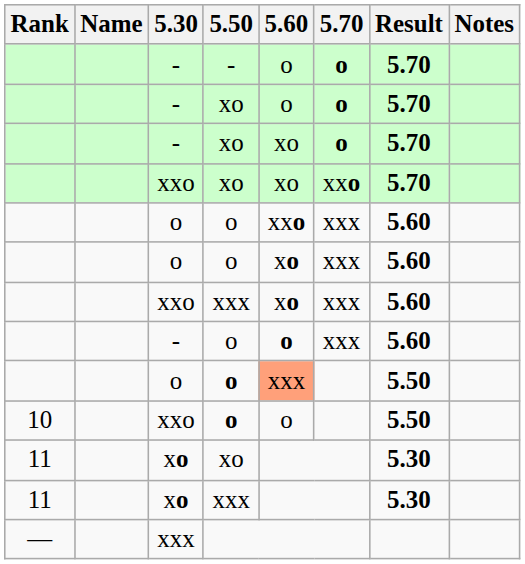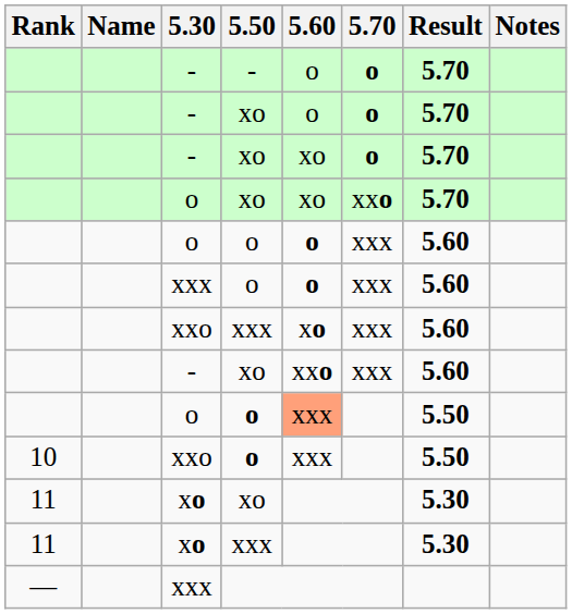 <table class="sortable wikitable">
 <tr>
 <th>Rank</th>
 <th>Name</th>
 <th>5.30</th>
 <th>5.50</th>
 <th>5.60</th>
 <th>5.70</th>
 <th>Result</th>
 <th>Notes</th>
 </tr>
 <tr align="center" style="background:#ccffcc;">
 <td></td>
 <td align="left"></td>
 <td>-</td>
 <td>-</td>
 <td>o</td>
 <td><strong>o</strong></td>
 <td><strong>5.70</strong></td>
 <td></td>
 </tr>
 <tr align="center" style="background:#ccffcc;">
 <td></td>
 <td align="left"></td>
 <td>-</td>
 <td>xo</td>
 <td>o</td>
 <td><strong>o</strong></td>
 <td><strong>5.70</strong></td>
 <td></td>
 </tr>
 <tr align="center" style="background:#ccffcc;">
 <td></td>
 <td align="left"></td>
 <td>-</td>
 <td>xo</td>
 <td>xo</td>
 <td><strong>o</strong></td>
 <td><strong>5.70</strong></td>
 <td></td>
 </tr>
 <tr align="center" style="background:#ccffcc;">
 <td></td>
 <td align="left"></td>
-<td>xxo</td>
+<td>o</td>
 <td>xo</td>
 <td>xo</td>
 <td>xx<strong>o</strong></td>
 <td><strong>5.70</strong></td>
 <td></td>
 </tr>
 <tr align="center">
 <td></td>
 <td align="left"></td>
 <td>o</td>
 <td>o</td>
-<td>xx<strong>o</strong></td>
+<td><strong>o</strong></td>
 <td>xxx</td>
 <td><strong>5.60</strong></td>
 <td></td>
 </tr>
 <tr align="center">
 <td></td>
 <td align="left"></td>
+<td>xxx</td>
 <td>o</td>
-<td>o</td>
-<td>x<strong>o</strong></td>
+<td><strong>o</strong></td>
 <td>xxx</td>
 <td><strong>5.60</strong></td>
 <td></td>
 </tr>
 <tr align="center">
 <td></td>
 <td align="left"></td>
 <td>xxo</td>
 <td>xxx</td>
 <td>x<strong>o</strong></td>
 <td>xxx</td>
 <td><strong>5.60</strong></td>
 <td></td>
 </tr>
 <tr align="center">
 <td></td>
 <td align="left"></td>
 <td>-</td>
-<td>o</td>
-<td><strong>o</strong></td>
+<td>xo</td>
+<td>xx<strong>o</strong></td>
 <td>xxx</td>
 <td><strong>5.60</strong></td>
 <td></td>
 </tr>
 <tr align="center">
 <td></td>
 <td align="left"></td>
 <td>o</td>
 <td><strong>o</strong></td>
 <td style="background: lightsalmon;">xxx</td>
 <td></td>
 <td><strong>5.50</strong></td>
 <td></td>
 </tr>
 <tr align="center">
 <td>10</td>
 <td align="left"></td>
 <td>xxo</td>
 <td><strong>o</strong></td>
-<td>o</td>
+<td>xxx</td>
 <td></td>
 <td><strong>5.50</strong></td>
 <td></td>
 </tr>
 <tr align="center">
 <td>11</td>
 <td align="left"></td>
 <td>x<strong>o</strong></td>
 <td>xo</td>
 <td colspan=2></td>
 <td><strong>5.30</strong></td>
 <td></td>
 </tr>
 <tr align="center">
 <td>11</td>
 <td align="left"></td>
 <td>x<strong>o</strong></td>
 <td>xxx</td>
 <td colspan=2></td>
 <td><strong>5.30</strong></td>
 <td></td>
 </tr>
 <tr align="center">
 <td>—</td>
 <td align="left"></td>
 <td>xxx</td>
 <td colspan="3"></td>
 <td><strong></strong></td>
 <td></td>
 </tr>
 </table>
